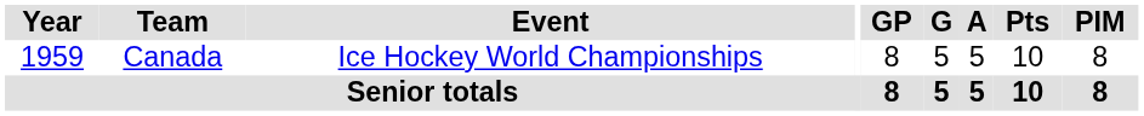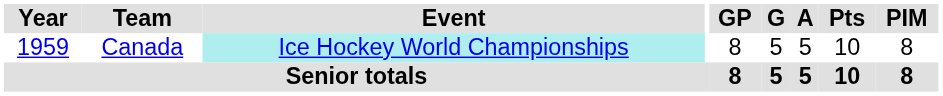 <table border="0" cellpadding="1" cellspacing="0" ID="Table3" style="text-align:center; width:40em">
 <tr bgcolor="#e0e0e0">
 <th>Year</th>
 <th>Team</th>
 <th>Event</th>
 <th rowspan="102" bgcolor="#ffffff"></th>
 <th>GP</th>
 <th>G</th>
 <th>A</th>
 <th>Pts</th>
 <th>PIM</th>
 </tr>
 <tr>
 <td><a href='#'>1959</a></td>
 <td><a href='#'>Canada</a></td>
-<td><a href='#'>Ice Hockey World Championships</a></td>
+<td style="background: paleturquoise;"><a href='#'>Ice Hockey World Championships</a></td>
 <td>8</td>
 <td>5</td>
 <td>5</td>
 <td>10</td>
 <td>8</td>
 </tr>
 <tr bgcolor="#e0e0e0">
 <th colspan="4">Senior totals</th>
 <th>8</th>
 <th>5</th>
 <th>5</th>
 <th>10</th>
 <th>8</th>
 </tr>
 </table>
